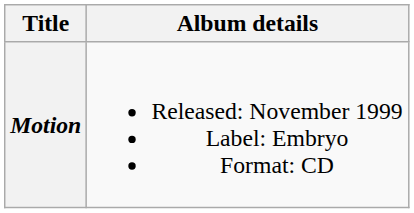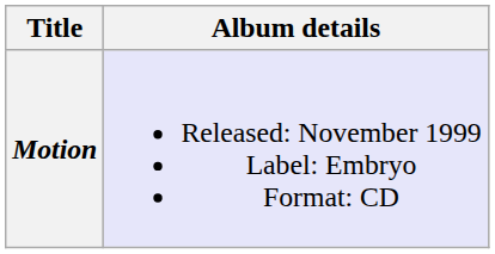 <table class="wikitable plainrowheaders" style="text-align:center;">
 <tr>
 <th>Title</th>
 <th>Album details</th>
 </tr>
 <tr>
 <th scope="row"><em>Motion</em></th>
-<td><br><ul><li>Released: November 1999</li><li>Label: Embryo</li><li>Format: CD</li></ul></td>
+<td style="background: lavender;"><br><ul><li>Released: November 1999</li><li>Label: Embryo</li><li>Format: CD</li></ul></td>
 </tr>
 </table>
